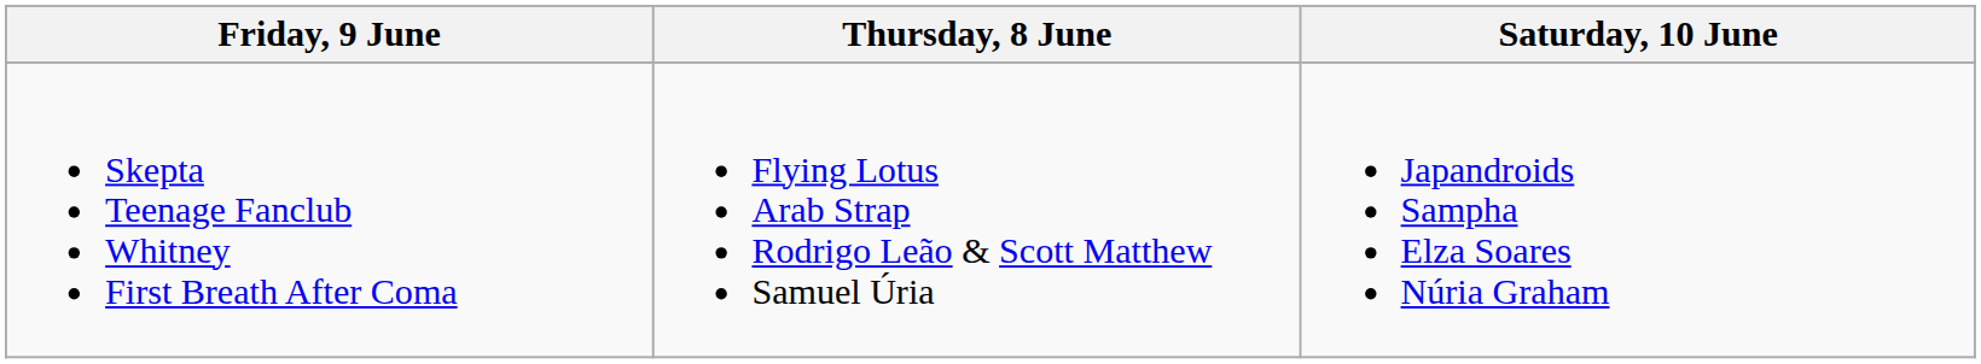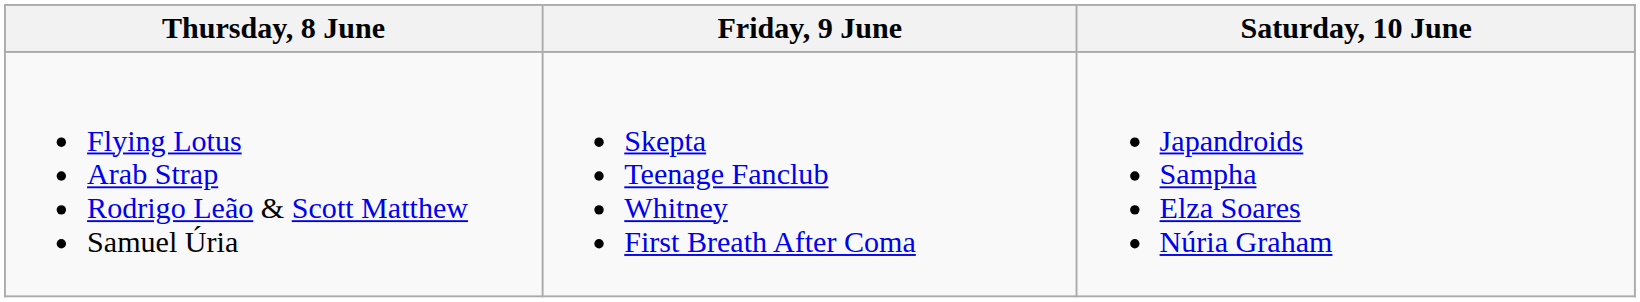 <table class="wikitable">
 <tr>
+<th width="500">Thursday, 8 June</th>
 <th width="500">Friday, 9 June</th>
-<th width="500">Thursday, 8 June</th>
 <th width="500">Saturday, 10 June</th>
 </tr>
 <tr valign="top">
+<td><br><ul><li><a href='#'>Flying Lotus</a></li><li><a href='#'>Arab Strap</a></li><li><a href='#'>Rodrigo Leão</a> & <a href='#'>Scott Matthew</a></li><li>Samuel Úria</li></ul></td>
 <td><br><ul><li><a href='#'>Skepta</a></li><li><a href='#'>Teenage Fanclub</a></li><li><a href='#'>Whitney</a></li><li><a href='#'>First Breath After Coma</a></li></ul></td>
-<td><br><ul><li><a href='#'>Flying Lotus</a></li><li><a href='#'>Arab Strap</a></li><li><a href='#'>Rodrigo Leão</a> & <a href='#'>Scott Matthew</a></li><li>Samuel Úria</li></ul></td>
 <td><br><ul><li><a href='#'>Japandroids</a></li><li><a href='#'>Sampha</a></li><li><a href='#'>Elza Soares</a></li><li><a href='#'>Núria Graham</a></li></ul></td>
 </tr>
 </table>
